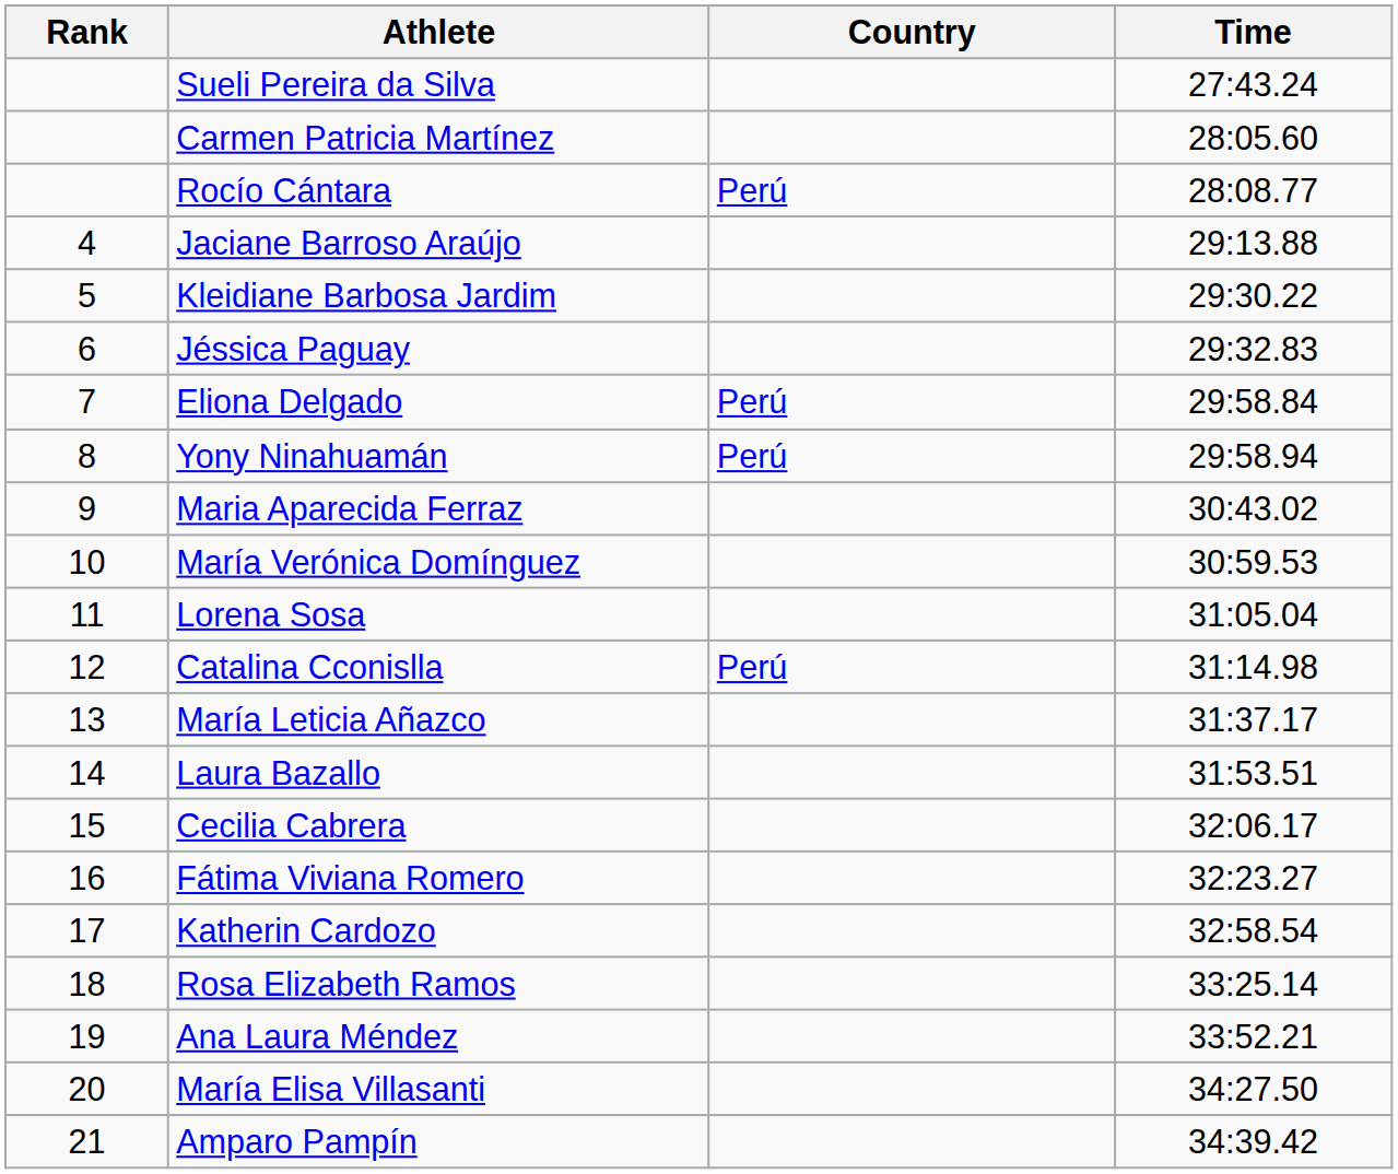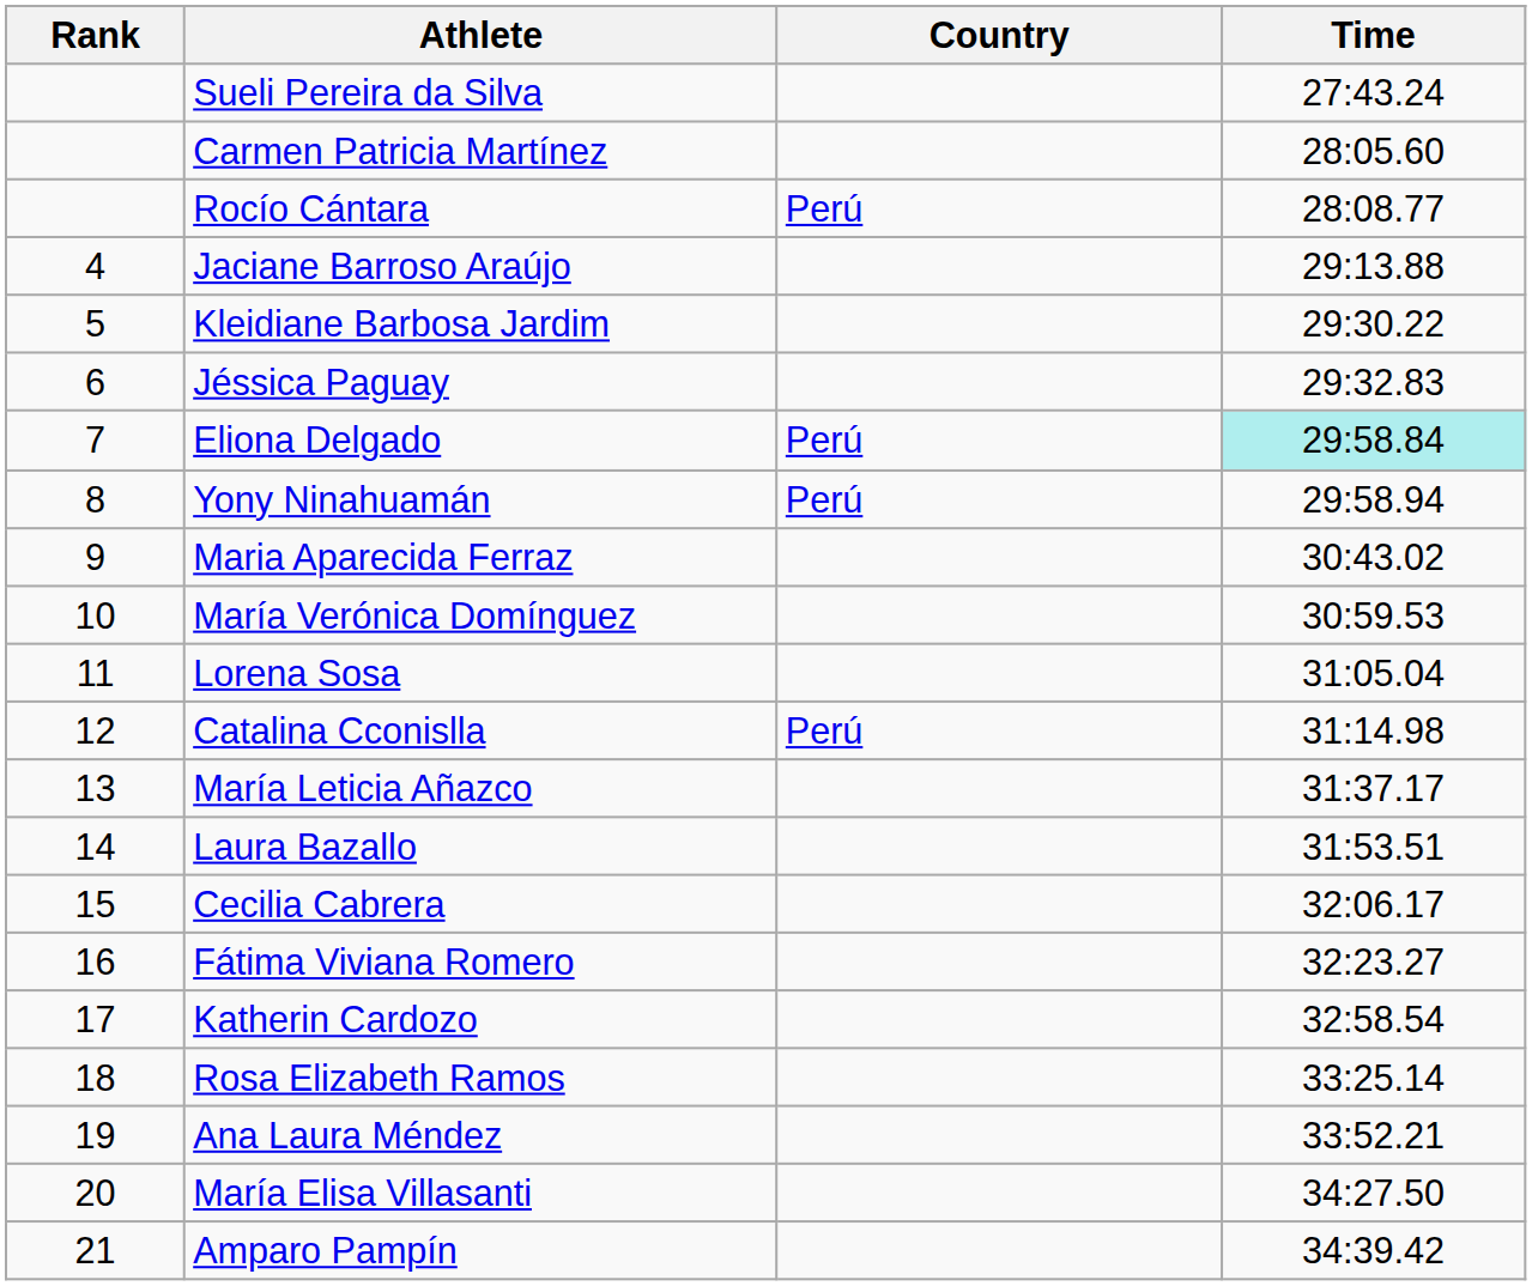 <table class="wikitable sortable" style=" text-align:center; font-size:95%;" width="50%">
 <tr>
 </tr>
 <tr>
 <th width=5%>Rank</th>
 <th width=20%>Athlete</th>
 <th width=15%>Country</th>
 <th width=10%>Time</th>
 </tr>
 <tr>
 <td align=center></td>
 <td align=left><a href='#'>Sueli Pereira da Silva</a></td>
 <td align=left></td>
 <td>27:43.24</td>
 </tr>
 <tr>
 <td align=center></td>
 <td align=left><a href='#'>Carmen Patricia Martínez</a></td>
 <td align=left></td>
 <td>28:05.60</td>
 </tr>
 <tr>
 <td align=center></td>
 <td align=left><a href='#'>Rocío Cántara</a></td>
 <td align=left> <a href='#'>Perú</a></td>
 <td>28:08.77</td>
 </tr>
 <tr>
 <td align=center>4</td>
 <td align=left><a href='#'>Jaciane Barroso Araújo</a></td>
 <td align=left></td>
 <td>29:13.88</td>
 </tr>
 <tr>
 <td align=center>5</td>
 <td align=left><a href='#'>Kleidiane Barbosa Jardim</a></td>
 <td align=left></td>
 <td>29:30.22</td>
 </tr>
 <tr>
 <td align=center>6</td>
 <td align=left><a href='#'>Jéssica Paguay</a></td>
 <td align=left></td>
 <td>29:32.83</td>
 </tr>
 <tr>
 <td align=center>7</td>
 <td align=left><a href='#'>Eliona Delgado</a></td>
 <td align=left> <a href='#'>Perú</a></td>
-<td>29:58.84</td>
+<td style="background: paleturquoise;">29:58.84</td>
 </tr>
 <tr>
 <td align=center>8</td>
 <td align=left><a href='#'>Yony Ninahuamán</a></td>
 <td align=left> <a href='#'>Perú</a></td>
 <td>29:58.94</td>
 </tr>
 <tr>
 <td align=center>9</td>
 <td align=left><a href='#'>Maria Aparecida Ferraz</a></td>
 <td align=left></td>
 <td>30:43.02</td>
 </tr>
 <tr>
 <td align=center>10</td>
 <td align=left><a href='#'>María Verónica Domínguez</a></td>
 <td align=left></td>
 <td>30:59.53</td>
 </tr>
 <tr>
 <td align=center>11</td>
 <td align=left><a href='#'>Lorena Sosa</a></td>
 <td align=left></td>
 <td>31:05.04</td>
 </tr>
 <tr>
 <td align=center>12</td>
 <td align=left><a href='#'>Catalina Cconislla</a></td>
 <td align=left> <a href='#'>Perú</a></td>
 <td>31:14.98</td>
 </tr>
 <tr>
 <td align=center>13</td>
 <td align=left><a href='#'>María Leticia Añazco</a></td>
 <td align=left></td>
 <td>31:37.17</td>
 </tr>
 <tr>
 <td align=center>14</td>
 <td align=left><a href='#'>Laura Bazallo</a></td>
 <td align=left></td>
 <td>31:53.51</td>
 </tr>
 <tr>
 <td align=center>15</td>
 <td align=left><a href='#'>Cecilia Cabrera</a></td>
 <td align=left></td>
 <td>32:06.17</td>
 </tr>
 <tr>
 <td align=center>16</td>
 <td align=left><a href='#'>Fátima Viviana Romero</a></td>
 <td align=left></td>
 <td>32:23.27</td>
 </tr>
 <tr>
 <td align=center>17</td>
 <td align=left><a href='#'>Katherin Cardozo</a></td>
 <td align=left></td>
 <td>32:58.54</td>
 </tr>
 <tr>
 <td align=center>18</td>
 <td align=left><a href='#'>Rosa Elizabeth Ramos</a></td>
 <td align=left></td>
 <td>33:25.14</td>
 </tr>
 <tr>
 <td align=center>19</td>
 <td align=left><a href='#'>Ana Laura Méndez</a></td>
 <td align=left></td>
 <td>33:52.21</td>
 </tr>
 <tr>
 <td align=center>20</td>
 <td align=left><a href='#'>María Elisa Villasanti</a></td>
 <td align=left></td>
 <td>34:27.50</td>
 </tr>
 <tr>
 <td align=center>21</td>
 <td align=left><a href='#'>Amparo Pampín</a></td>
 <td align=left></td>
 <td>34:39.42</td>
 </tr>
 </table>
